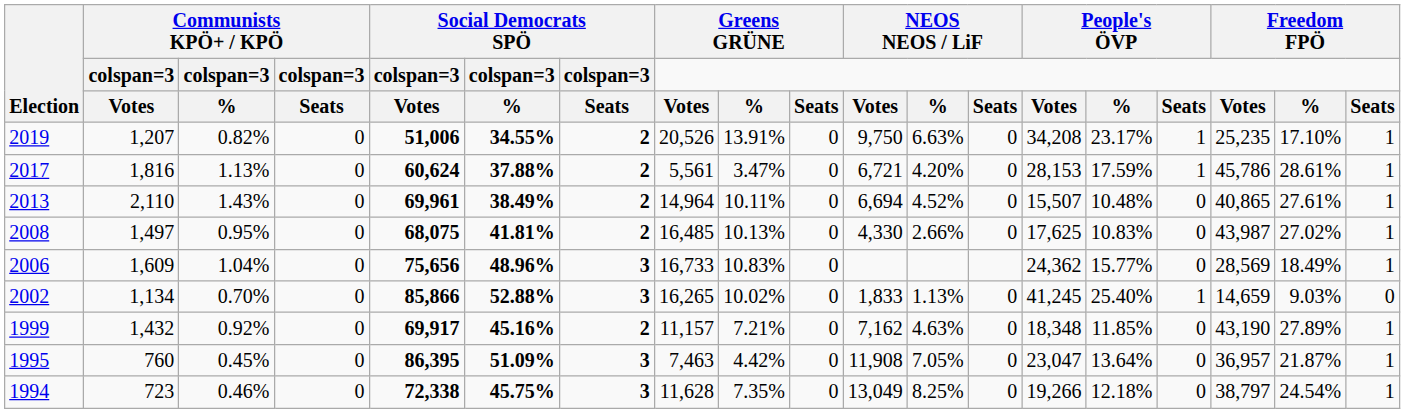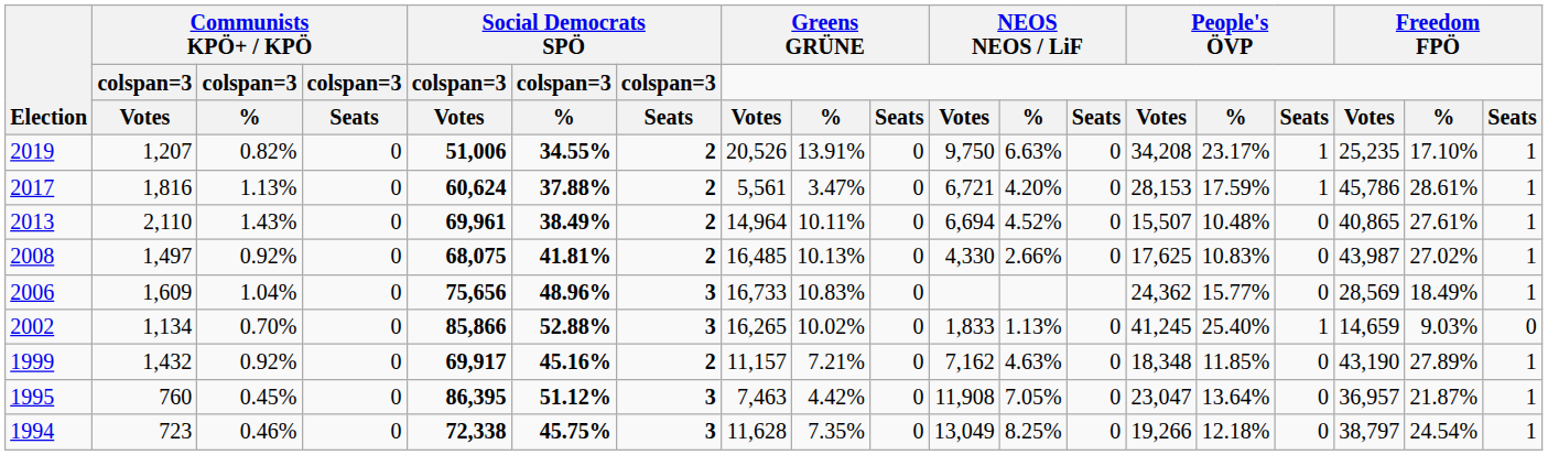 <table class="wikitable" border="1" style="font-size:100%; text-align:right;">
 <tr>
 <th style="text-align:left;" valign=bottom rowspan=3>Election</th>
 <th valign=bottom colspan=3><a href='#'>Communists</a><br>KPÖ+ / KPÖ</th>
 <th valign=bottom colspan=3><a href='#'>Social Democrats</a><br>SPÖ</th>
 <th valign=bottom colspan=3><a href='#'>Greens</a><br>GRÜNE</th>
 <th valign=bottom colspan=3><a href='#'>NEOS</a><br>NEOS / LiF</th>
 <th valign=bottom colspan=3><a href='#'>People's</a><br>ÖVP</th>
 <th valign=bottom colspan=3><a href='#'>Freedom</a><br>FPÖ</th>
 </tr>
 <tr>
 <th>colspan=3 </th>
 <th>colspan=3 </th>
 <th>colspan=3 </th>
 <th>colspan=3 </th>
 <th>colspan=3 </th>
 <th>colspan=3 </th>
 </tr>
 <tr>
 <th>Votes</th>
 <th>%</th>
 <th>Seats</th>
 <th>Votes</th>
 <th>%</th>
 <th>Seats</th>
 <th>Votes</th>
 <th>%</th>
 <th>Seats</th>
 <th>Votes</th>
 <th>%</th>
 <th>Seats</th>
 <th>Votes</th>
 <th>%</th>
 <th>Seats</th>
 <th>Votes</th>
 <th>%</th>
 <th>Seats</th>
 </tr>
 <tr>
 <td align=left><a href='#'>2019</a></td>
 <td>1,207</td>
 <td>0.82%</td>
 <td>0</td>
 <td><strong>51,006</strong></td>
 <td><strong>34.55%</strong></td>
 <td><strong>2</strong></td>
 <td>20,526</td>
 <td>13.91%</td>
 <td>0</td>
 <td>9,750</td>
 <td>6.63%</td>
 <td>0</td>
 <td>34,208</td>
 <td>23.17%</td>
 <td>1</td>
 <td>25,235</td>
 <td>17.10%</td>
 <td>1</td>
 </tr>
 <tr>
 <td align=left><a href='#'>2017</a></td>
 <td>1,816</td>
 <td>1.13%</td>
 <td>0</td>
 <td><strong>60,624</strong></td>
 <td><strong>37.88%</strong></td>
 <td><strong>2</strong></td>
 <td>5,561</td>
 <td>3.47%</td>
 <td>0</td>
 <td>6,721</td>
 <td>4.20%</td>
 <td>0</td>
 <td>28,153</td>
 <td>17.59%</td>
 <td>1</td>
 <td>45,786</td>
 <td>28.61%</td>
 <td>1</td>
 </tr>
 <tr>
 <td align=left><a href='#'>2013</a></td>
 <td>2,110</td>
 <td>1.43%</td>
 <td>0</td>
 <td><strong>69,961</strong></td>
 <td><strong>38.49%</strong></td>
 <td><strong>2</strong></td>
 <td>14,964</td>
 <td>10.11%</td>
 <td>0</td>
 <td>6,694</td>
 <td>4.52%</td>
 <td>0</td>
 <td>15,507</td>
 <td>10.48%</td>
 <td>0</td>
 <td>40,865</td>
 <td>27.61%</td>
 <td>1</td>
 </tr>
 <tr>
 <td align=left><a href='#'>2008</a></td>
 <td>1,497</td>
-<td>0.95%</td>
+<td>0.92%</td>
 <td>0</td>
 <td><strong>68,075</strong></td>
 <td><strong>41.81%</strong></td>
 <td><strong>2</strong></td>
 <td>16,485</td>
 <td>10.13%</td>
 <td>0</td>
 <td>4,330</td>
 <td>2.66%</td>
 <td>0</td>
 <td>17,625</td>
 <td>10.83%</td>
 <td>0</td>
 <td>43,987</td>
 <td>27.02%</td>
 <td>1</td>
 </tr>
 <tr>
 <td align=left><a href='#'>2006</a></td>
 <td>1,609</td>
 <td>1.04%</td>
 <td>0</td>
 <td><strong>75,656</strong></td>
 <td><strong>48.96%</strong></td>
 <td><strong>3</strong></td>
 <td>16,733</td>
 <td>10.83%</td>
 <td>0</td>
 <td></td>
 <td></td>
 <td></td>
 <td>24,362</td>
 <td>15.77%</td>
 <td>0</td>
 <td>28,569</td>
 <td>18.49%</td>
 <td>1</td>
 </tr>
 <tr>
 <td align=left><a href='#'>2002</a></td>
 <td>1,134</td>
 <td>0.70%</td>
 <td>0</td>
 <td><strong>85,866</strong></td>
 <td><strong>52.88%</strong></td>
 <td><strong>3</strong></td>
 <td>16,265</td>
 <td>10.02%</td>
 <td>0</td>
 <td>1,833</td>
 <td>1.13%</td>
 <td>0</td>
 <td>41,245</td>
 <td>25.40%</td>
 <td>1</td>
 <td>14,659</td>
 <td>9.03%</td>
 <td>0</td>
 </tr>
 <tr>
 <td align=left><a href='#'>1999</a></td>
 <td>1,432</td>
 <td>0.92%</td>
 <td>0</td>
 <td><strong>69,917</strong></td>
 <td><strong>45.16%</strong></td>
 <td><strong>2</strong></td>
 <td>11,157</td>
 <td>7.21%</td>
 <td>0</td>
 <td>7,162</td>
 <td>4.63%</td>
 <td>0</td>
 <td>18,348</td>
 <td>11.85%</td>
 <td>0</td>
 <td>43,190</td>
 <td>27.89%</td>
 <td>1</td>
 </tr>
 <tr>
 <td align=left><a href='#'>1995</a></td>
 <td>760</td>
 <td>0.45%</td>
 <td>0</td>
 <td><strong>86,395</strong></td>
-<td><strong>51.09%</strong></td>
+<td><strong>51.12%</strong></td>
 <td><strong>3</strong></td>
 <td>7,463</td>
 <td>4.42%</td>
 <td>0</td>
 <td>11,908</td>
 <td>7.05%</td>
 <td>0</td>
 <td>23,047</td>
 <td>13.64%</td>
 <td>0</td>
 <td>36,957</td>
 <td>21.87%</td>
 <td>1</td>
 </tr>
 <tr>
 <td align=left><a href='#'>1994</a></td>
 <td>723</td>
 <td>0.46%</td>
 <td>0</td>
 <td><strong>72,338</strong></td>
 <td><strong>45.75%</strong></td>
 <td><strong>3</strong></td>
 <td>11,628</td>
 <td>7.35%</td>
 <td>0</td>
 <td>13,049</td>
 <td>8.25%</td>
 <td>0</td>
 <td>19,266</td>
 <td>12.18%</td>
 <td>0</td>
 <td>38,797</td>
 <td>24.54%</td>
 <td>1</td>
 </tr>
 </table>
